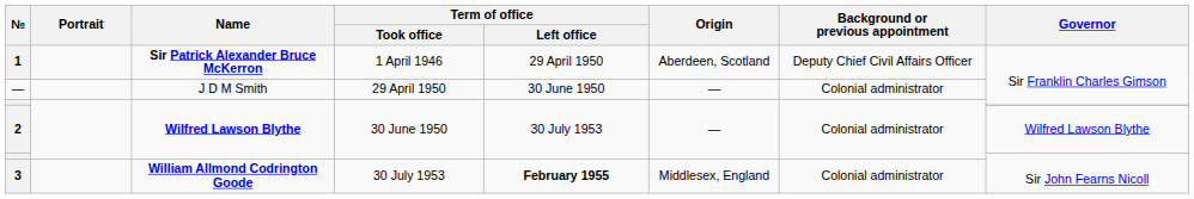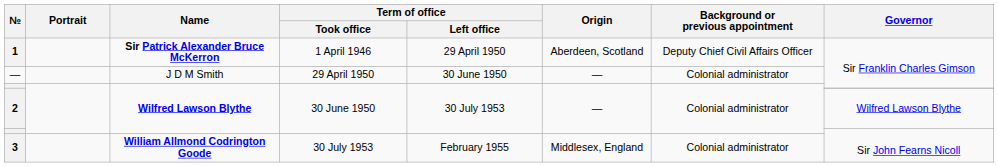 <table class=wikitable style=text-align:center width=1500px>
 <tr>
 <th rowspan=2 width=25px><strong>№</strong></th>
 <th rowspan=2 width=120px>Portrait</th>
 <th rowspan=2 width=250px>Name<br></th>
 <th colspan=2 width=350px>Term of office</th>
 <th rowspan=2>Origin</th>
 <th rowspan=2>Background or<br>previous appointment</th>
 <th rowspan=2 width=250px><a href='#'>Governor</a><br></th>
 </tr>
 <tr>
 <th>Took office</th>
 <th>Left office</th>
 </tr>
 <tr>
 <th>1</th>
 <td></td>
 <td><strong>Sir <a href='#'>Patrick Alexander Bruce McKerron</a></strong><br></td>
 <td>1 April 1946</td>
 <td>29 April 1950</td>
 <td>Aberdeen, Scotland</td>
 <td>Deputy Chief Civil Affairs Officer</td>
 <td rowspan=3><br>Sir <a href='#'>Franklin Charles Gimson</a><br></td>
 </tr>
 <tr>
 <td>—</td>
 <td></td>
 <td>J D M Smith<br></td>
 <td>29 April 1950<br></td>
 <td>30 June 1950<br></td>
 <td>—</td>
 <td>Colonial administrator</td>
 </tr>
 <tr>
 <th></th>
 <td rowspan=5></td>
 <td rowspan=5><strong><a href='#'>Wilfred Lawson Blythe</a></strong><br></td>
 <td rowspan=5>30 June 1950</td>
 <td rowspan=5>30 July 1953</td>
 <td rowspan=5>—</td>
 <td rowspan=5>Colonial administrator</td>
 </tr>
 <tr>
 <th rowspan=3>2</th>
 </tr>
 <tr>
 <td><br><a href='#'>Wilfred Lawson Blythe</a><br><br><em></em></td>
 </tr>
 <tr>
 <td rowspan=3><br>Sir <a href='#'>John Fearns Nicoll</a><br></td>
 </tr>
 <tr>
 <th></th>
 </tr>
 <tr>
 <th>3</th>
 <td></td>
 <td><strong><a href='#'>William Allmond Codrington Goode</a></strong><br></td>
 <td>30 July 1953</td>
-<td><strong>February 1955</strong></td>
+<td>February 1955</td>
 <td>Middlesex, England</td>
 <td>Colonial administrator</td>
 </tr>
 </table>
